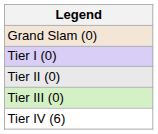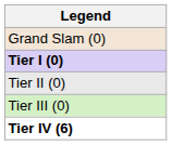 <table class="wikitable" style="font-size:90%; width:13%;">
 <tr>
 <th>Legend</th>
 </tr>
 <tr style=background:#f3e6d7;>
 <td>Grand Slam (0)</td>
 </tr>
 <tr style=background:#d8cef6;>
-<td>Tier I (0)</td>
+<td><strong>Tier I (0)</strong></td>
 </tr>
 <tr style=background:#e9e9e9;>
 <td>Tier II (0)</td>
 </tr>
 <tr style=background:#d4f1c5;>
 <td>Tier III (0)</td>
 </tr>
 <tr style=background:#fff;>
-<td>Tier IV (6)</td>
+<td><strong>Tier IV (6)</strong></td>
 </tr>
 </table>
